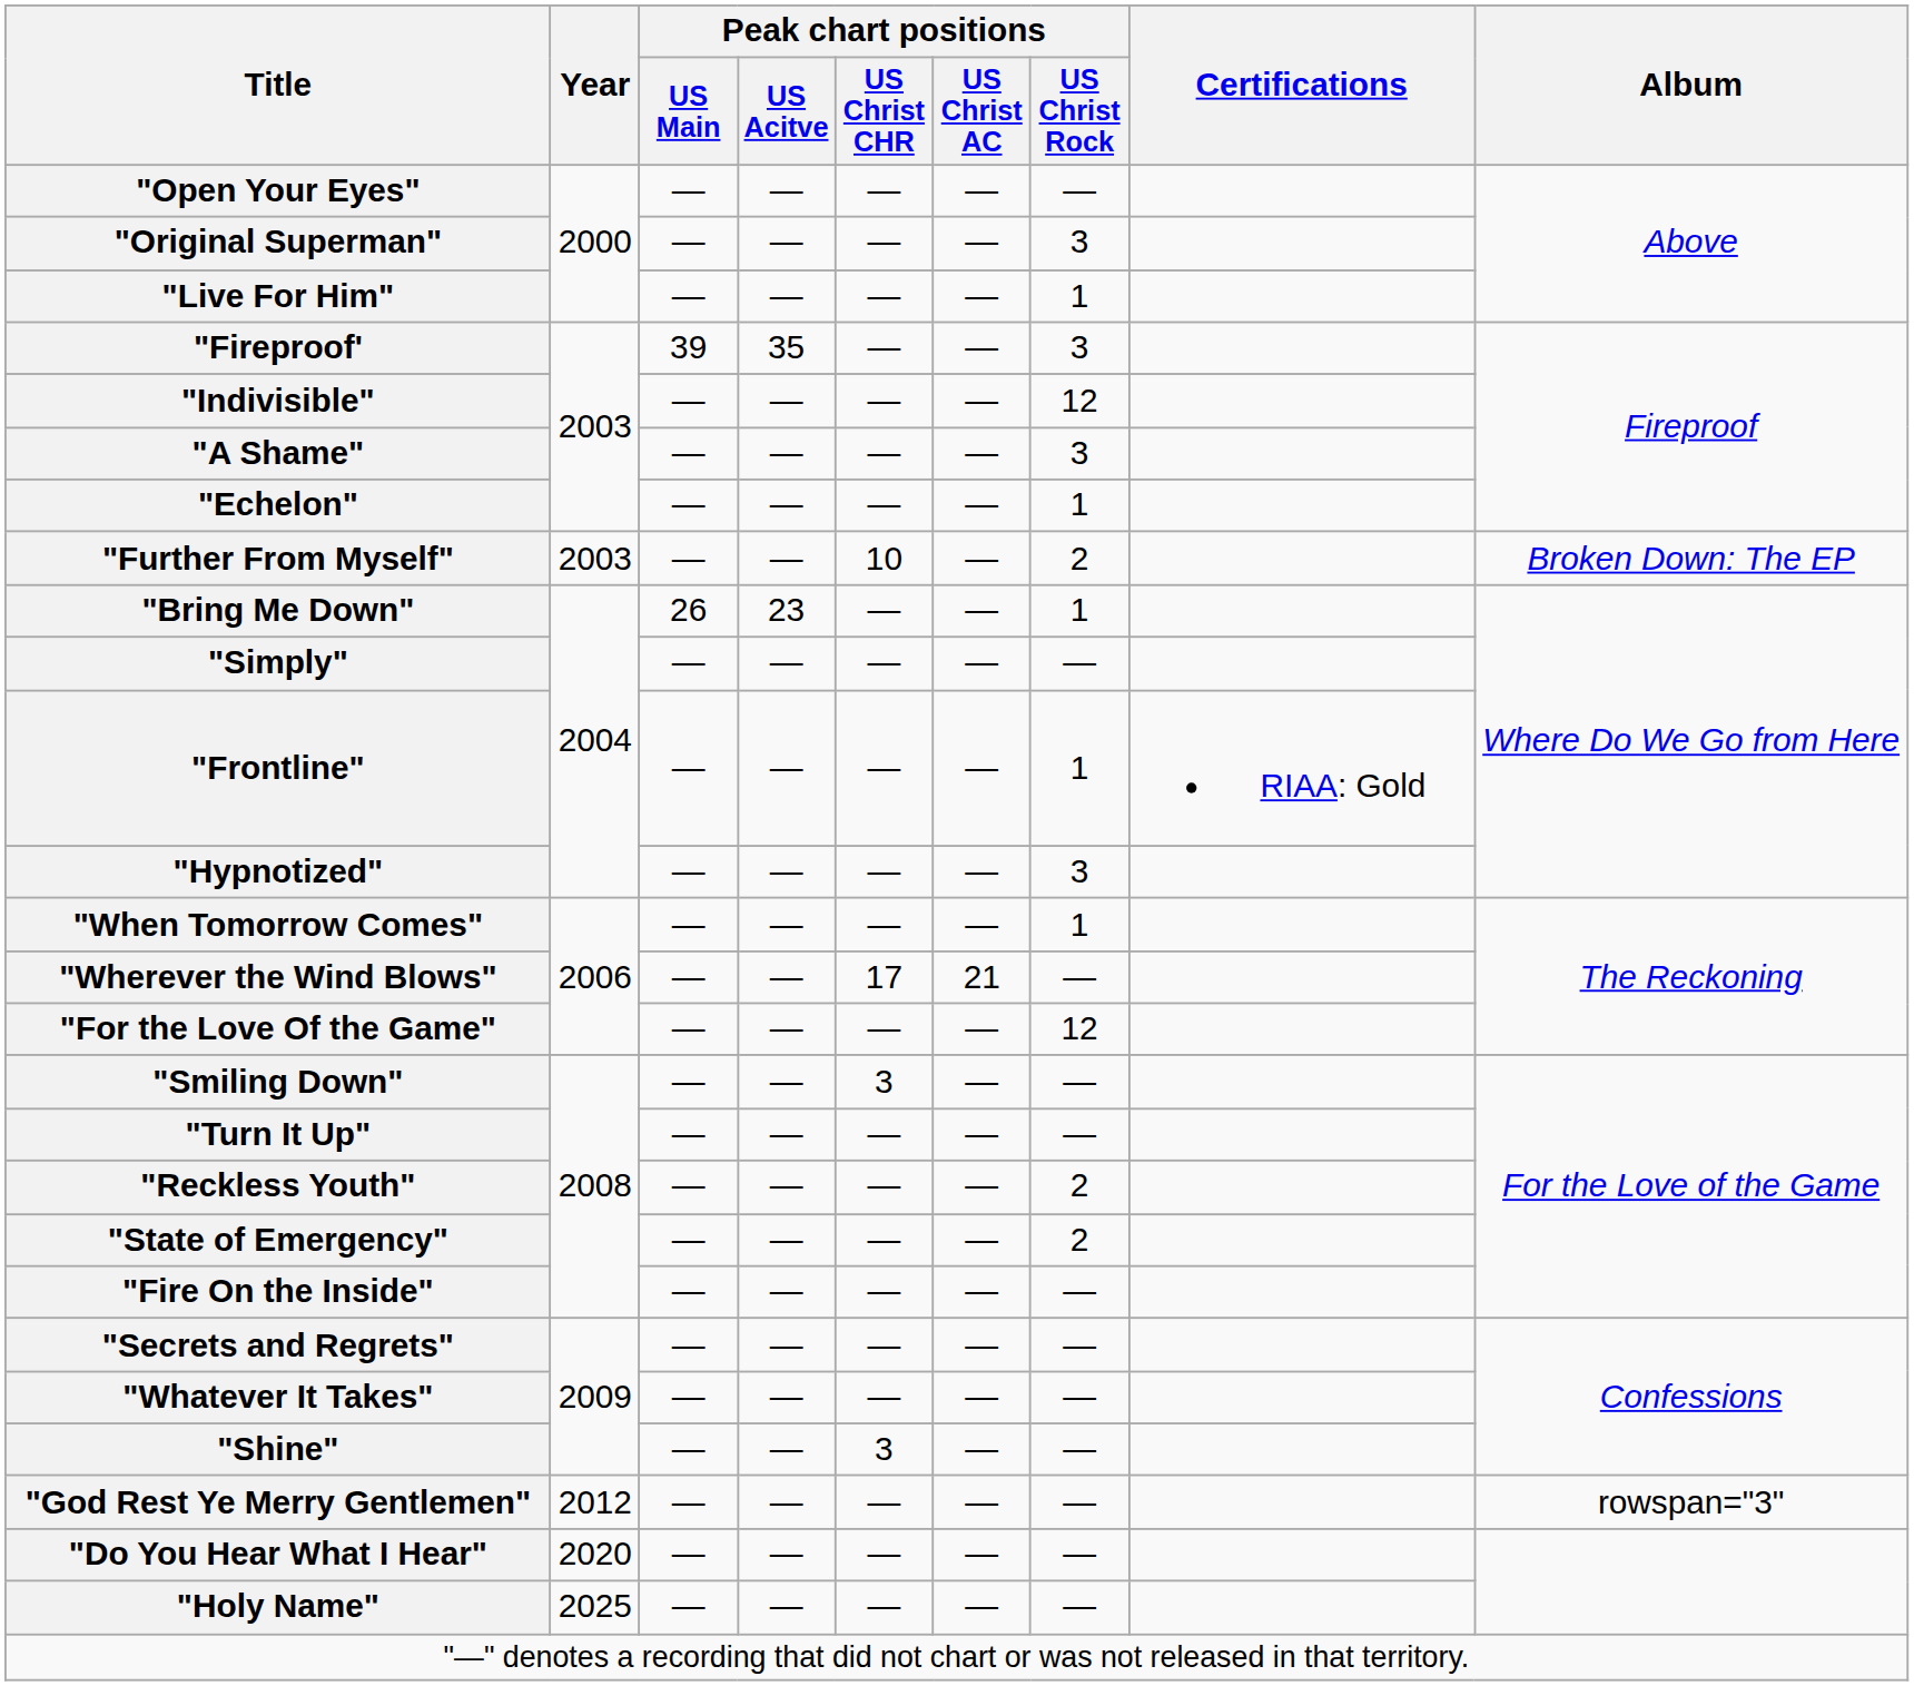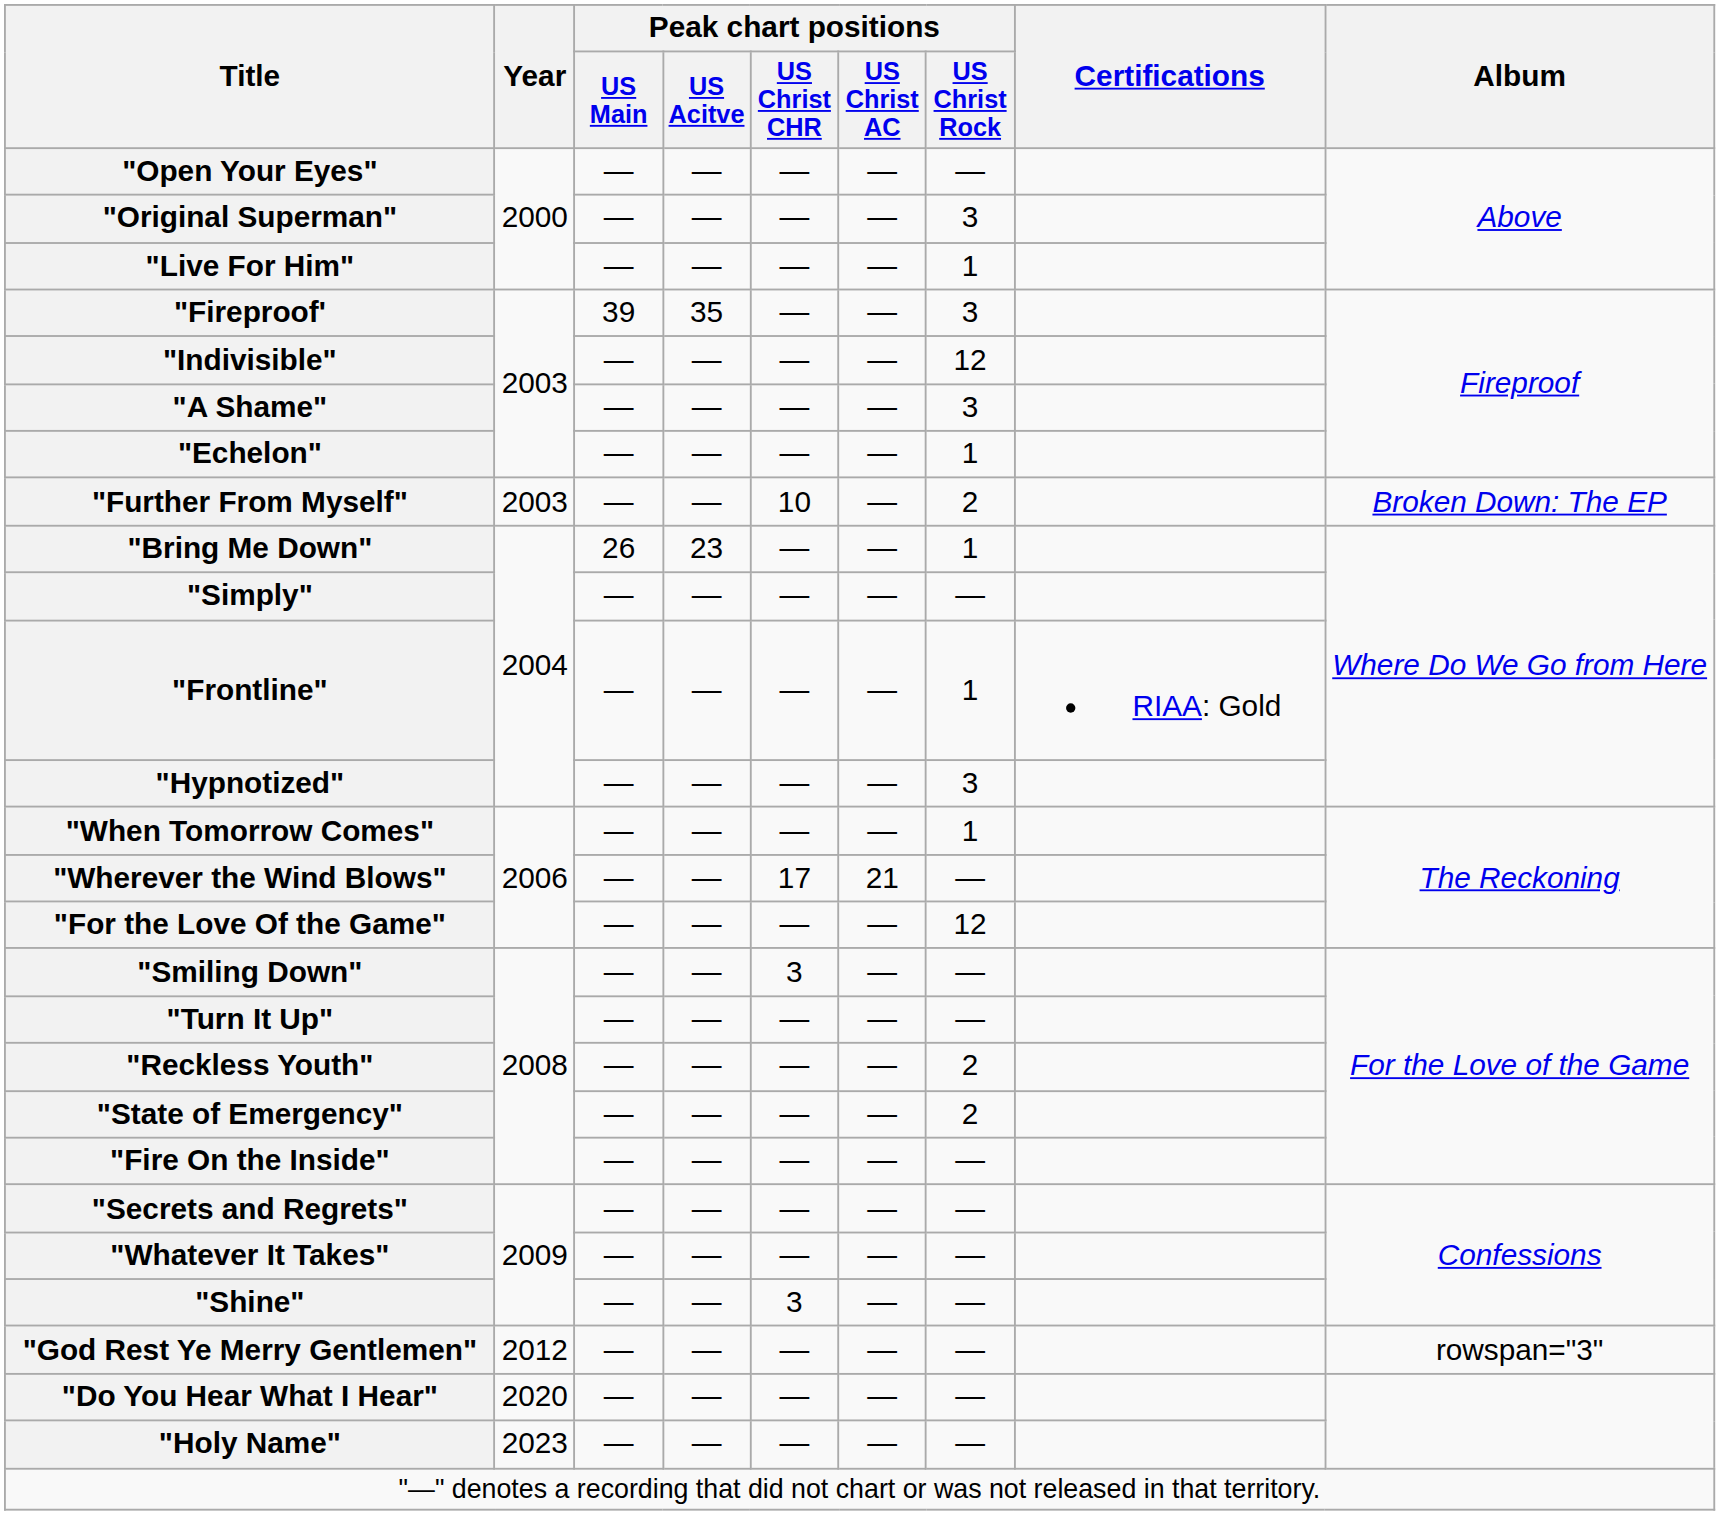 <table class="wikitable plainrowheaders" style="text-align:center;">
 <tr>
 <th rowspan="2" scope="col" style="width:16em;">Title</th>
 <th rowspan="2" scope="col">Year</th>
 <th colspan="5" scope="col">Peak chart positions</th>
 <th rowspan="2" scope="col" style="width:10em;"><a href='#'>Certifications</a></th>
 <th rowspan="2" scope="col">Album</th>
 </tr>
 <tr>
 <th scope="col" style="width:3em;font-size:85%;"><a href='#'>US<br>Main</a><br></th>
 <th scope="col" style="width:3em;font-size:85%;"><a href='#'>US<br>Acitve</a><br></th>
 <th scope="col" style="width:3em;font-size:85%;"><a href='#'>US<br>Christ<br>CHR</a><br></th>
 <th scope="col" style="width:3em;font-size:85%;"><a href='#'>US<br>Christ<br>AC</a><br></th>
 <th scope="col" style="width:3em;font-size:85%;"><a href='#'>US<br>Christ<br>Rock</a><br></th>
 </tr>
 <tr>
 <th scope="row">"Open Your Eyes"</th>
 <td rowspan="3">2000</td>
 <td>—</td>
 <td>—</td>
 <td>—</td>
 <td>—</td>
 <td>—</td>
 <td></td>
 <td rowspan="3"><em><a href='#'>Above</a></em></td>
 </tr>
 <tr>
 <th scope="row">"Original Superman"</th>
 <td>—</td>
 <td>—</td>
 <td>—</td>
 <td>—</td>
 <td>3</td>
 <td></td>
 </tr>
 <tr>
 <th scope="row">"Live For Him"</th>
 <td>—</td>
 <td>—</td>
 <td>—</td>
 <td>—</td>
 <td>1</td>
 <td></td>
 </tr>
 <tr>
 <th scope="row">"Fireproof'</th>
 <td rowspan="4">2003</td>
 <td>39</td>
 <td>35</td>
 <td>—</td>
 <td>—</td>
 <td>3</td>
 <td></td>
 <td rowspan="4"><a href='#'><em>Fireproof</em></a></td>
 </tr>
 <tr>
 <th scope="row">"Indivisible"</th>
 <td>—</td>
 <td>—</td>
 <td>—</td>
 <td>—</td>
 <td>12</td>
 <td></td>
 </tr>
 <tr>
 <th scope="row">"A Shame"</th>
 <td>—</td>
 <td>—</td>
 <td>—</td>
 <td>—</td>
 <td>3</td>
 <td></td>
 </tr>
 <tr>
 <th scope="row">"Echelon"</th>
 <td>—</td>
 <td>—</td>
 <td>—</td>
 <td>—</td>
 <td>1</td>
 <td></td>
 </tr>
 <tr>
 <th scope="row">"Further From Myself"</th>
 <td>2003</td>
 <td>—</td>
 <td>—</td>
 <td>10</td>
 <td>—</td>
 <td>2</td>
 <td></td>
 <td><em><a href='#'>Broken Down: The EP</a></em></td>
 </tr>
 <tr>
 <th scope="row">"Bring Me Down"</th>
 <td rowspan="4">2004</td>
 <td>26</td>
 <td>23</td>
 <td>—</td>
 <td>—</td>
 <td>1</td>
 <td></td>
 <td rowspan="4"><em><a href='#'>Where Do We Go from Here</a></em></td>
 </tr>
 <tr>
 <th scope="row">"Simply"</th>
 <td>—</td>
 <td>—</td>
 <td>—</td>
 <td>—</td>
 <td>—</td>
 <td></td>
 </tr>
 <tr>
 <th scope="row">"Frontline"</th>
 <td>—</td>
 <td>—</td>
 <td>—</td>
 <td>—</td>
 <td>1</td>
 <td><br><ul><li><a href='#'>RIAA</a>: Gold</li></ul></td>
 </tr>
 <tr>
 <th scope="row">"Hypnotized"</th>
 <td>—</td>
 <td>—</td>
 <td>—</td>
 <td>—</td>
 <td>3</td>
 <td></td>
 </tr>
 <tr>
 <th scope="row">"When Tomorrow Comes"</th>
 <td rowspan="3">2006</td>
 <td>—</td>
 <td>—</td>
 <td>—</td>
 <td>—</td>
 <td>1</td>
 <td></td>
 <td rowspan="3"><a href='#'><em>The Reckoning</em></a></td>
 </tr>
 <tr>
 <th scope="row">"Wherever the Wind Blows"</th>
 <td>—</td>
 <td>—</td>
 <td>17</td>
 <td>21</td>
 <td>—</td>
 <td></td>
 </tr>
 <tr>
 <th scope="row">"For the Love Of the Game"</th>
 <td>—</td>
 <td>—</td>
 <td>—</td>
 <td>—</td>
 <td>12</td>
 <td></td>
 </tr>
 <tr>
 <th scope="row">"Smiling Down"</th>
 <td rowspan="5">2008</td>
 <td>—</td>
 <td>—</td>
 <td>3</td>
 <td>—</td>
 <td>—</td>
 <td></td>
 <td rowspan="5"><em><a href='#'>For the Love of the Game</a></em></td>
 </tr>
 <tr>
 <th scope="row">"Turn It Up"</th>
 <td>—</td>
 <td>—</td>
 <td>—</td>
 <td>—</td>
 <td>—</td>
 <td></td>
 </tr>
 <tr>
 <th scope="row">"Reckless Youth"</th>
 <td>—</td>
 <td>—</td>
 <td>—</td>
 <td>—</td>
 <td>2</td>
 <td></td>
 </tr>
 <tr>
 <th scope="row">"State of Emergency"</th>
 <td>—</td>
 <td>—</td>
 <td>—</td>
 <td>—</td>
 <td>2</td>
 <td></td>
 </tr>
 <tr>
 <th scope="row">"Fire On the Inside"</th>
 <td>—</td>
 <td>—</td>
 <td>—</td>
 <td>—</td>
 <td>—</td>
 <td></td>
 </tr>
 <tr>
 <th scope="row">"Secrets and Regrets"</th>
 <td rowspan="3">2009</td>
 <td>—</td>
 <td>—</td>
 <td>—</td>
 <td>—</td>
 <td>—</td>
 <td></td>
 <td rowspan="3"><em><a href='#'>Confessions</a></em></td>
 </tr>
 <tr>
 <th scope="row">"Whatever It Takes"</th>
 <td>—</td>
 <td>—</td>
 <td>—</td>
 <td>—</td>
 <td>—</td>
 <td></td>
 </tr>
 <tr>
 <th scope="row">"Shine"</th>
 <td>—</td>
 <td>—</td>
 <td>3</td>
 <td>—</td>
 <td>—</td>
 <td></td>
 </tr>
 <tr>
 <th scope="row">"God Rest Ye Merry Gentlemen"</th>
 <td>2012</td>
 <td>—</td>
 <td>—</td>
 <td>—</td>
 <td>—</td>
 <td>—</td>
 <td></td>
 <td>rowspan="3" </td>
 </tr>
 <tr>
 <th scope="row">"Do You Hear What I Hear"</th>
 <td>2020</td>
 <td>—</td>
 <td>—</td>
 <td>—</td>
 <td>—</td>
 <td>—</td>
 <td></td>
 </tr>
 <tr>
 <th scope="row">"Holy Name"</th>
-<td>2025</td>
+<td>2023</td>
 <td>—</td>
 <td>—</td>
 <td>—</td>
 <td>—</td>
 <td>—</td>
 <td></td>
 </tr>
 <tr>
 <td colspan="9" style="font-size:90%">"—" denotes a recording that did not chart or was not released in that territory.</td>
 </tr>
 </table>
